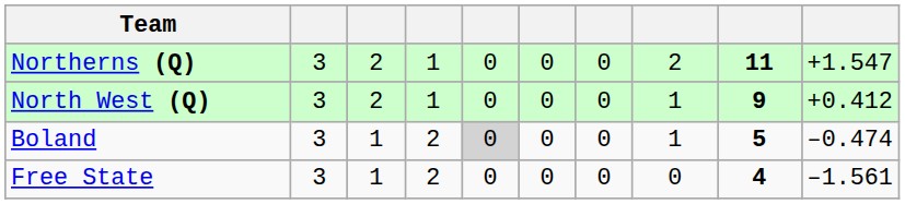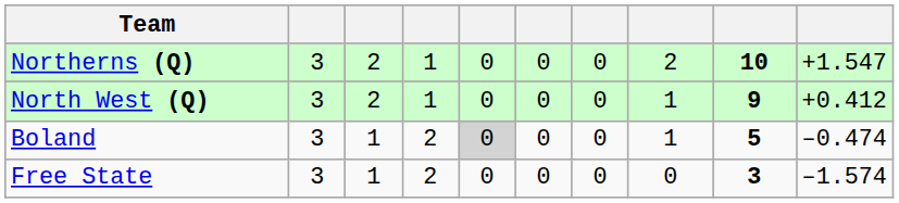 <table class="wikitable" style="text-align:center">
 <tr>
 <th width="150">Team</th>
 <th width="25"></th>
 <th width="25"></th>
 <th width="25"></th>
 <th width="25"></th>
 <th width="25"></th>
 <th width="25"></th>
 <th width="40"></th>
 <th width="40"></th>
 <th width="45"></th>
 </tr>
 <tr style="background:#cfc">
 <td style="text-align:left"><a href='#'>Northerns</a> <strong>(Q)</strong></td>
 <td>3</td>
 <td>2</td>
 <td>1</td>
 <td>0</td>
 <td>0</td>
 <td>0</td>
 <td>2</td>
-<td><strong>11</strong></td>
+<td><strong>10</strong></td>
 <td>+1.547</td>
 </tr>
 <tr style="background:#cfc">
 <td style="text-align:left"><a href='#'>North West</a> <strong>(Q)</strong></td>
 <td>3</td>
 <td>2</td>
 <td>1</td>
 <td>0</td>
 <td>0</td>
 <td>0</td>
 <td>1</td>
 <td><strong>9</strong></td>
 <td>+0.412</td>
 </tr>
 <tr>
 <td style="text-align:left"><a href='#'>Boland</a></td>
 <td>3</td>
 <td>1</td>
 <td>2</td>
 <td style="background: lightgrey;">0</td>
 <td>0</td>
 <td>0</td>
 <td>1</td>
 <td><strong>5</strong></td>
 <td>–0.474</td>
 </tr>
 <tr>
 <td style="text-align:left"><a href='#'>Free State</a></td>
 <td>3</td>
 <td>1</td>
 <td>2</td>
 <td>0</td>
 <td>0</td>
 <td>0</td>
 <td>0</td>
-<td><strong>4</strong></td>
-<td>–1.561</td>
+<td><strong>3</strong></td>
+<td>–1.574</td>
 </tr>
 </table>
